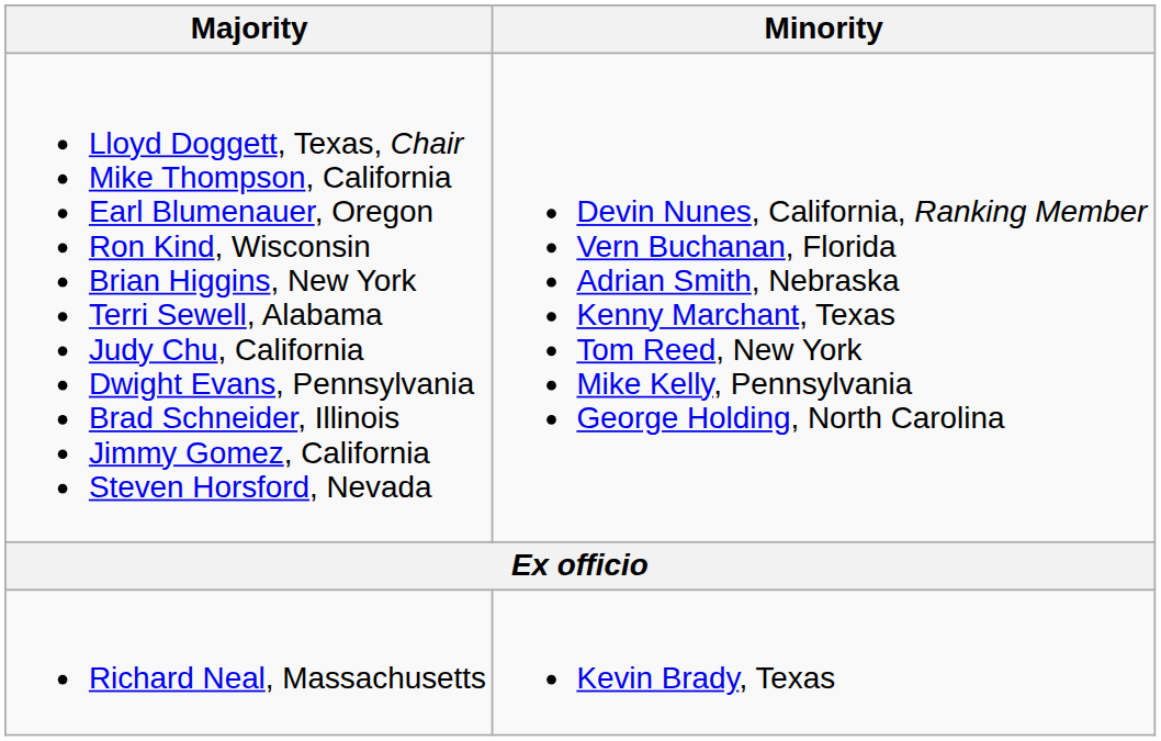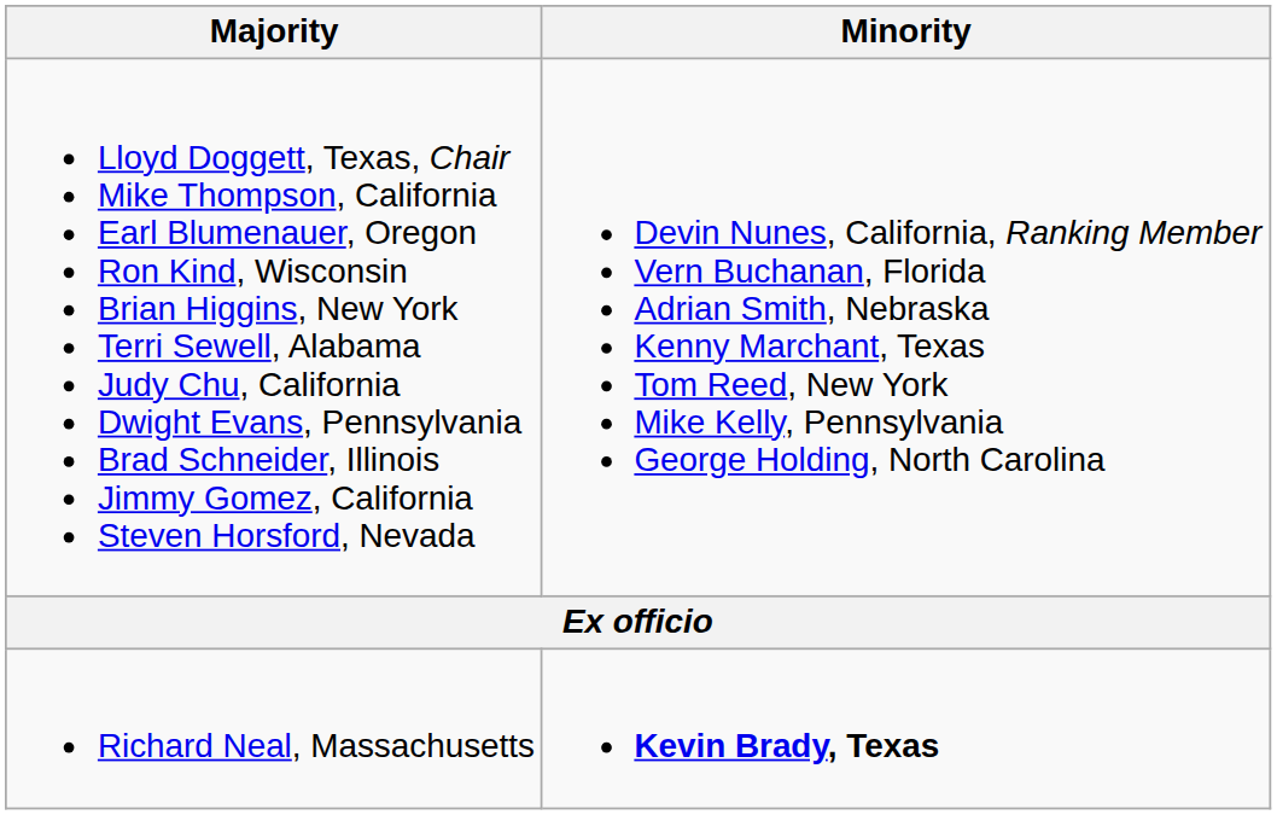 <table class=wikitable>
 <tr>
 <th>Majority</th>
 <th>Minority</th>
 </tr>
 <tr>
 <td><br><ul><li><a href='#'>Lloyd Doggett</a>, Texas, <em>Chair</em></li><li><a href='#'>Mike Thompson</a>, California</li><li><a href='#'>Earl Blumenauer</a>, Oregon</li><li><a href='#'>Ron Kind</a>, Wisconsin</li><li><a href='#'>Brian Higgins</a>, New York</li><li><a href='#'>Terri Sewell</a>, Alabama</li><li><a href='#'>Judy Chu</a>, California</li><li><a href='#'>Dwight Evans</a>, Pennsylvania</li><li><a href='#'>Brad Schneider</a>, Illinois</li><li><a href='#'>Jimmy Gomez</a>, California</li><li><a href='#'>Steven Horsford</a>, Nevada</li></ul></td>
 <td><br><ul><li><a href='#'>Devin Nunes</a>, California, <em>Ranking Member</em></li><li><a href='#'>Vern Buchanan</a>, Florida</li><li><a href='#'>Adrian Smith</a>, Nebraska</li><li><a href='#'>Kenny Marchant</a>, Texas</li><li><a href='#'>Tom Reed</a>, New York</li><li><a href='#'>Mike Kelly</a>, Pennsylvania</li><li><a href='#'>George Holding</a>, North Carolina</li></ul></td>
 </tr>
 <tr>
 <th colspan=2><em>Ex officio</em></th>
 </tr>
 <tr>
 <td><br><ul><li><a href='#'>Richard Neal</a>, Massachusetts</li></ul></td>
-<td><br><ul><li><a href='#'>Kevin Brady</a>, Texas</li></ul></td>
+<td><strong><br><ul><li><a href='#'>Kevin Brady</a>, Texas</li></ul></strong></td>
 </tr>
 </table>
